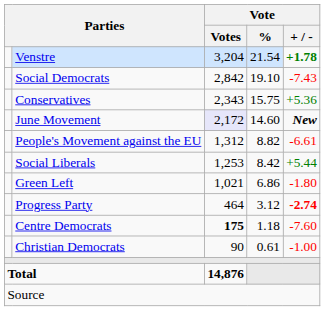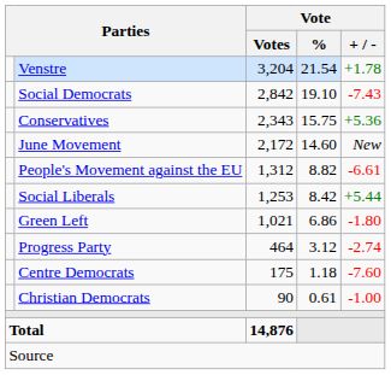 <table class="wikitable" style="text-align:right;">
 <tr>
 <th style="text-align:centre;" rowspan="2" colspan="2" width="225">Parties</th>
 <th colspan="3">Vote</th>
 </tr>
 <tr>
 <th width="15">Votes</th>
 <th width="15">%</th>
 <th width="15">+ / -</th>
 </tr>
 <tr>
 <td width="2" style="color:inherit;background:"></td>
 <td bgcolor=#cfe5fe   align="left"><a href='#'>Venstre</a></td>
 <td bgcolor=#cfe5fe>3,204</td>
 <td bgcolor=#cfe5fe>21.54</td>
-<td style=color:green;><strong>+1.78</strong></td>
+<td style=color:green;>+1.78</td>
 </tr>
 <tr>
 <td width="2" style="color:inherit;background:"></td>
 <td align="left"><a href='#'>Social Democrats</a></td>
 <td>2,842</td>
 <td>19.10</td>
 <td style=color:red;>-7.43</td>
 </tr>
 <tr>
 <td width="2" style="color:inherit;background:"></td>
 <td align="left"><a href='#'>Conservatives</a></td>
 <td>2,343</td>
 <td>15.75</td>
 <td style=color:green;>+5.36</td>
 </tr>
 <tr>
 <td width="2" style="color:inherit;background:"></td>
 <td align="left"><a href='#'>June Movement</a></td>
-<td style="background: lavender;">2,172</td>
+<td>2,172</td>
 <td>14.60</td>
-<td><strong><em>New</em></strong></td>
+<td><em>New</em></td>
 </tr>
 <tr>
 <td width="2" style="color:inherit;background:"></td>
 <td align="left"><a href='#'>People's Movement against the EU</a></td>
 <td>1,312</td>
 <td>8.82</td>
 <td style=color:red;>-6.61</td>
 </tr>
 <tr>
 <td width="2" style="color:inherit;background:"></td>
 <td align="left"><a href='#'>Social Liberals</a></td>
 <td>1,253</td>
 <td>8.42</td>
 <td style=color:green;>+5.44</td>
 </tr>
 <tr>
 <td width="2" style="color:inherit;background:"></td>
 <td align="left"><a href='#'>Green Left</a></td>
 <td>1,021</td>
 <td>6.86</td>
 <td style=color:red;>-1.80</td>
 </tr>
 <tr>
 <td width="2" style="color:inherit;background:"></td>
 <td align="left"><a href='#'>Progress Party</a></td>
 <td>464</td>
 <td>3.12</td>
-<td style=color:red;><strong>-2.74</strong></td>
+<td style=color:red;>-2.74</td>
 </tr>
 <tr>
 <td width="2" style="color:inherit;background:"></td>
 <td align="left"><a href='#'>Centre Democrats</a></td>
-<td><strong>175</strong></td>
+<td>175</td>
 <td>1.18</td>
 <td style=color:red;>-7.60</td>
 </tr>
 <tr>
 <td width="2" style="color:inherit;background:"></td>
 <td align="left"><a href='#'>Christian Democrats</a></td>
 <td>90</td>
 <td>0.61</td>
 <td style=color:red;>-1.00</td>
 </tr>
 <tr>
 <td colspan="7" bgcolor="#E9E9E9"></td>
 </tr>
 <tr>
 <td align="left" colspan="2"><strong>Total</strong></td>
 <td><strong>14,876</strong></td>
 <td bgcolor="#E9E9E9" colspan="2"></td>
 </tr>
 <tr>
 <td align="left" colspan="6">Source</td>
 </tr>
 </table>
